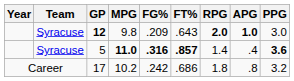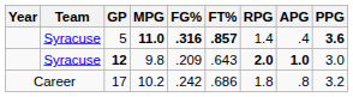 <table class="wikitable sortable" style="font-size:95%; text-align:right;">
 <tr>
 <th>Year</th>
 <th>Team</th>
 <th>GP</th>
 <th>MPG</th>
 <th>FG%</th>
 <th>FT%</th>
 <th>RPG</th>
 <th>APG</th>
 <th>PPG</th>
 </tr>
 <tr>
 <td style="text-align:left;"></td>
 <td style="text-align:left;"><a href='#'>Syracuse</a></td>
+<td>5</td>
+<td><strong>11.0</strong></td>
+<td><strong>.316</strong></td>
+<td><strong>.857</strong></td>
+<td>1.4</td>
+<td>.4</td>
+<td><strong>3.6</strong></td>
+</tr>
+<tr>
+<td style="text-align:left;"></td>
+<td style="text-align:left;"><a href='#'>Syracuse</a></td>
 <td><strong>12</strong></td>
 <td>9.8</td>
 <td>.209</td>
 <td>.643</td>
 <td><strong>2.0</strong></td>
 <td><strong>1.0</strong></td>
 <td>3.0</td>
-</tr>
-<tr>
-<td style="text-align:left;"></td>
-<td style="text-align:left;"><a href='#'>Syracuse</a></td>
-<td>5</td>
-<td><strong>11.0</strong></td>
-<td><strong>.316</strong></td>
-<td><strong>.857</strong></td>
-<td>1.4</td>
-<td>.4</td>
-<td><strong>3.6</strong></td>
 </tr>
 <tr>
 <td colspan="2" style="text-align:center;">Career</td>
 <td>17</td>
 <td>10.2</td>
 <td>.242</td>
 <td>.686</td>
 <td>1.8</td>
 <td>.8</td>
 <td>3.2</td>
 </tr>
 </table>
